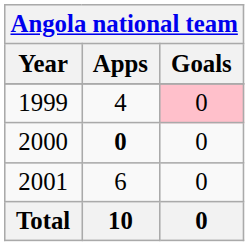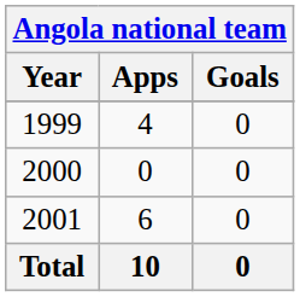 <table class="wikitable" style="text-align:center">
 <tr>
 <th colspan=3><a href='#'>Angola national team</a></th>
 </tr>
 <tr>
 <th>Year</th>
 <th>Apps</th>
 <th>Goals</th>
 </tr>
 <tr>
 </tr>
 <tr>
 <td>1999</td>
 <td>4</td>
-<td style="background: pink;">0</td>
+<td>0</td>
 </tr>
 <tr>
 <td>2000</td>
-<td><strong>0</strong></td>
+<td>0</td>
 <td>0</td>
 </tr>
 <tr>
 <td>2001</td>
 <td>6</td>
 <td>0</td>
 </tr>
 <tr>
 <th>Total</th>
 <th>10</th>
 <th>0</th>
 </tr>
 </table>
